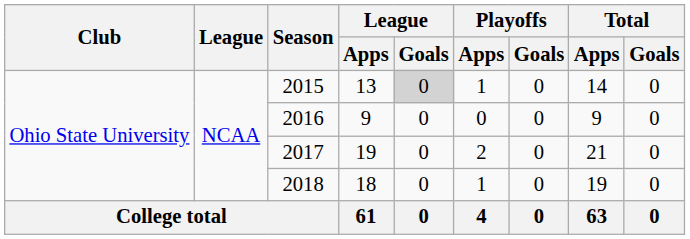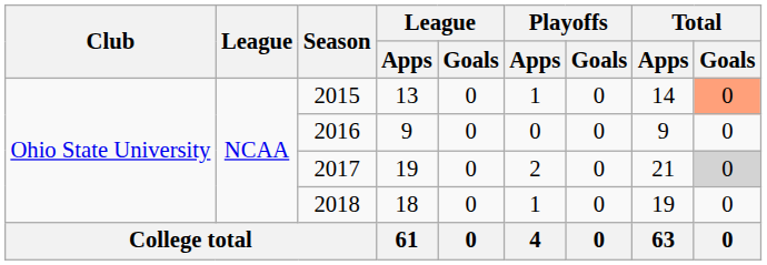 <table class="wikitable" style="text-align: center;">
 <tr>
 <th rowspan="2">Club</th>
 <th rowspan="2">League</th>
 <th rowspan="2">Season</th>
 <th colspan="2">League</th>
 <th colspan="2">Playoffs</th>
 <th colspan="2">Total</th>
 </tr>
 <tr>
 <th>Apps</th>
 <th>Goals</th>
 <th>Apps</th>
 <th>Goals</th>
 <th>Apps</th>
 <th>Goals</th>
 </tr>
 <tr>
 <td rowspan="4"><a href='#'>Ohio State University</a></td>
 <td rowspan="4"><a href='#'>NCAA</a></td>
 <td>2015</td>
 <td>13</td>
-<td style="background: lightgrey;">0</td>
+<td>0</td>
 <td>1</td>
 <td>0</td>
 <td>14</td>
-<td>0</td>
+<td style="background: lightsalmon;">0</td>
 </tr>
 <tr>
 <td>2016</td>
 <td>9</td>
 <td>0</td>
 <td>0</td>
 <td>0</td>
 <td>9</td>
 <td>0</td>
 </tr>
 <tr>
 <td>2017</td>
 <td>19</td>
 <td>0</td>
 <td>2</td>
 <td>0</td>
 <td>21</td>
-<td>0</td>
+<td style="background: lightgrey;">0</td>
 </tr>
 <tr>
 <td>2018</td>
 <td>18</td>
 <td>0</td>
 <td>1</td>
 <td>0</td>
 <td>19</td>
 <td>0</td>
 </tr>
 <tr>
 <th colspan="3">College total</th>
 <th>61</th>
 <th>0</th>
 <th>4</th>
 <th>0</th>
 <th>63</th>
 <th>0</th>
 </tr>
 </table>
